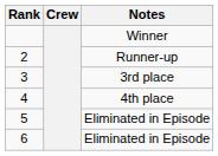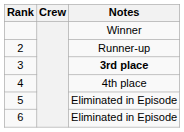 <table class="wikitable" style="text-align:center;">
 <tr>
 <th>Rank</th>
 <th>Crew</th>
 <th>Notes</th>
 </tr>
 <tr>
 <td></td>
 <th rowspan="6"></th>
 <td>Winner</td>
 </tr>
 <tr>
 <td>2</td>
 <td>Runner-up</td>
 </tr>
 <tr>
 <td>3</td>
-<td>3rd place</td>
+<td><strong>3rd place</strong></td>
 </tr>
 <tr>
 <td>4</td>
 <td>4th place</td>
 </tr>
 <tr>
 <td>5</td>
 <td>Eliminated in Episode</td>
 </tr>
 <tr>
 <td>6</td>
 <td>Eliminated in Episode</td>
 </tr>
 </table>
